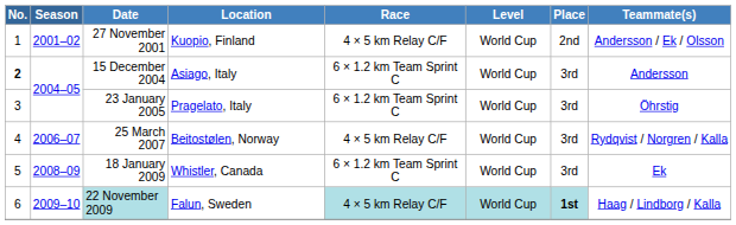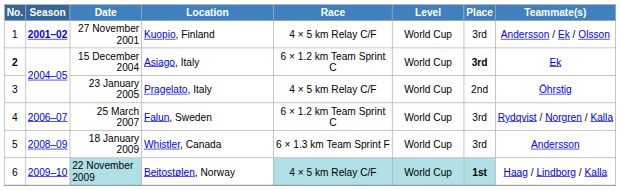 <table class="wikitable sortable" style="font-size:95%; text-align:center; border:grey solid 1px; border-collapse:collapse; background:#ffffff;">
 <tr style="background:#efefef;">
 <th style="background-color:#369; color:white;">No.</th>
 <th style="background-color:#369; color:white;">Season</th>
 <th style="background-color:#4180be; color:white; width:100px;">Date</th>
 <th style="background-color:#4180be; color:white; width:190px;">Location</th>
 <th style="background-color:#4180be; color:white; width:170px;">Race</th>
 <th style="background-color:#4180be; color:white; width:100px;">Level</th>
 <th style="background-color:#4180be; color:white;">Place</th>
 <th style="background-color:#4180be; color:white;">Teammate(s)</th>
 </tr>
 <tr>
 <td align=center>1</td>
-<td rowspan=1 align=center><a href='#'>2001–02</a></td>
+<td rowspan=1 align=center><strong><a href='#'>2001–02</a></strong></td>
 <td align=right>27 November 2001</td>
 <td align=left> <a href='#'>Kuopio</a>, Finland</td>
 <td>4 × 5 km Relay C/F</td>
 <td>World Cup</td>
-<td>2nd</td>
+<td>3rd</td>
 <td><a href='#'>Andersson</a> / <a href='#'>Ek</a> / <a href='#'>Olsson</a></td>
 </tr>
 <tr>
 <td align=center><strong>2</strong></td>
 <td rowspan=2 align=center><a href='#'>2004–05</a></td>
 <td align=right>15 December 2004</td>
 <td align=left> <a href='#'>Asiago</a>, Italy</td>
 <td>6 × 1.2 km Team Sprint C</td>
 <td>World Cup</td>
-<td>3rd</td>
-<td><a href='#'>Andersson</a></td>
+<td><strong>3rd</strong></td>
+<td><a href='#'>Ek</a></td>
 </tr>
 <tr>
 <td align=center>3</td>
 <td align=right>23 January 2005</td>
 <td align=left> <a href='#'>Pragelato</a>, Italy</td>
-<td>6 × 1.2 km Team Sprint C</td>
+<td>4 × 5 km Relay C/F</td>
 <td>World Cup</td>
-<td>3rd</td>
+<td>2nd</td>
 <td><a href='#'>Öhrstig</a></td>
 </tr>
 <tr>
 <td align=center>4</td>
 <td rowspan=1 align=center><a href='#'>2006–07</a></td>
 <td align=right>25 March 2007</td>
-<td align=left> <a href='#'>Beitostølen</a>, Norway</td>
-<td>4 × 5 km Relay C/F</td>
+<td align=left> <a href='#'>Falun</a>, Sweden</td>
+<td>6 × 1.2 km Team Sprint C</td>
 <td>World Cup</td>
 <td>3rd</td>
 <td><a href='#'>Rydqvist</a> / <a href='#'>Norgren</a> / <a href='#'>Kalla</a></td>
 </tr>
 <tr>
 <td align=center>5</td>
 <td rowspan=1 align=center><a href='#'>2008–09</a></td>
 <td align=right>18 January 2009</td>
 <td align=left> <a href='#'>Whistler</a>, Canada</td>
-<td>6 × 1.2 km Team Sprint C</td>
+<td>6 × 1.3 km Team Sprint F</td>
 <td>World Cup</td>
 <td>3rd</td>
-<td><a href='#'>Ek</a></td>
+<td><a href='#'>Andersson</a></td>
 </tr>
 <tr>
 <td align=center>6</td>
 <td><a href='#'>2009–10</a></td>
 <td align=left bgcolor="#BOEOE6" align=right>22 November 2009</td>
-<td align=left> <a href='#'>Falun</a>, Sweden</td>
+<td align=left> <a href='#'>Beitostølen</a>, Norway</td>
 <td bgcolor="#BOEOE6" align=center>4 × 5 km Relay C/F</td>
 <td bgcolor="#BOEOE6">World Cup</td>
 <td bgcolor="#BOEOE6"><strong>1st</strong></td>
 <td><a href='#'>Haag</a> / <a href='#'>Lindborg</a> / <a href='#'>Kalla</a></td>
 </tr>
 <tr>
 </tr>
 </table>
